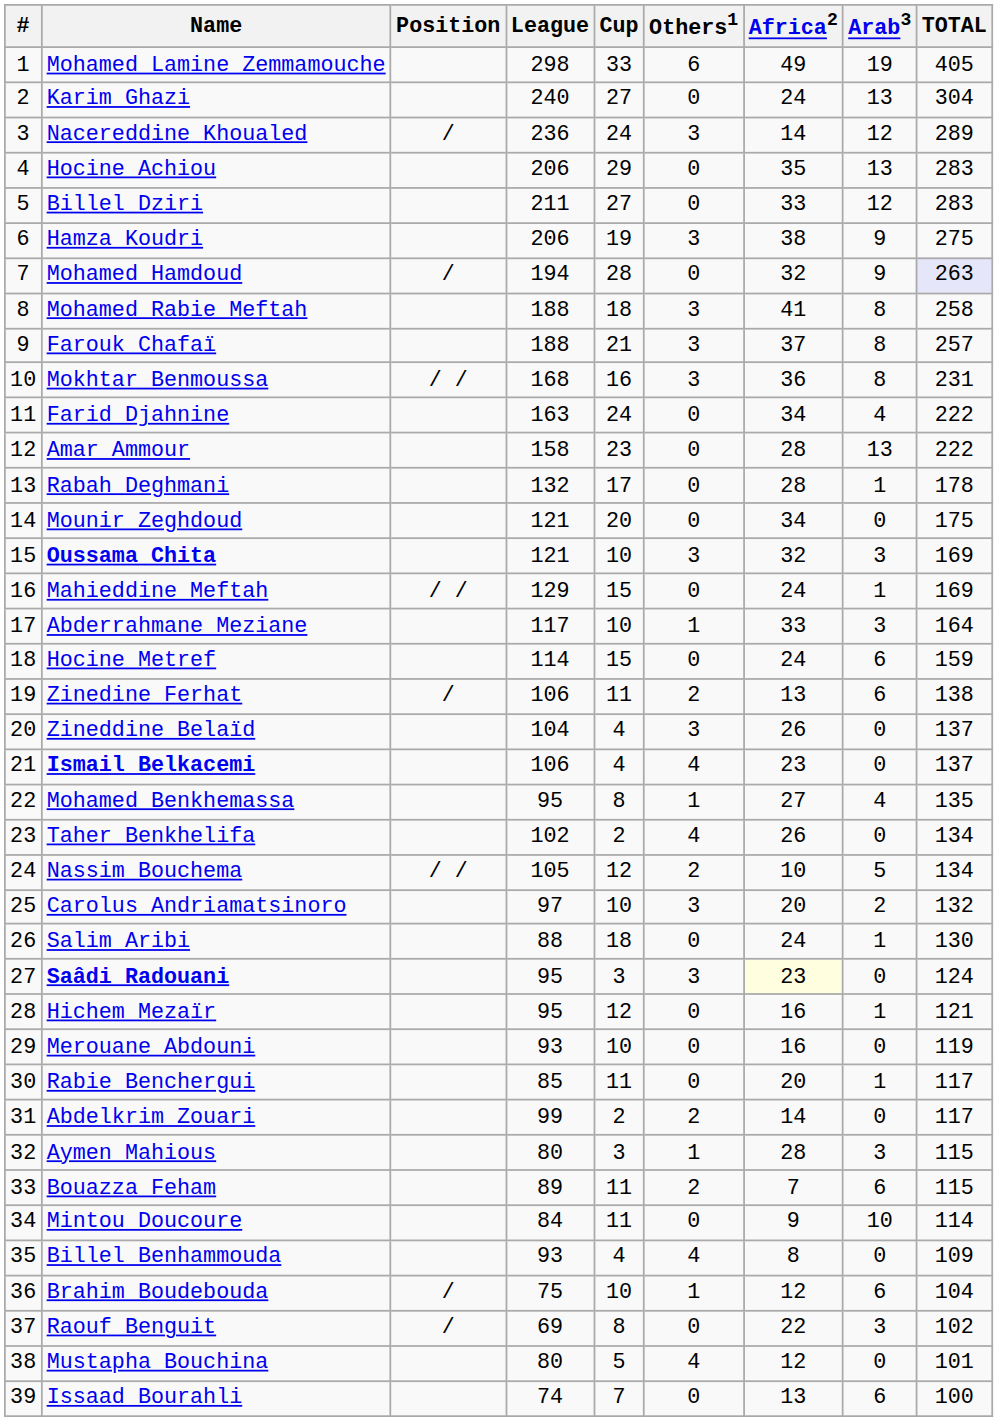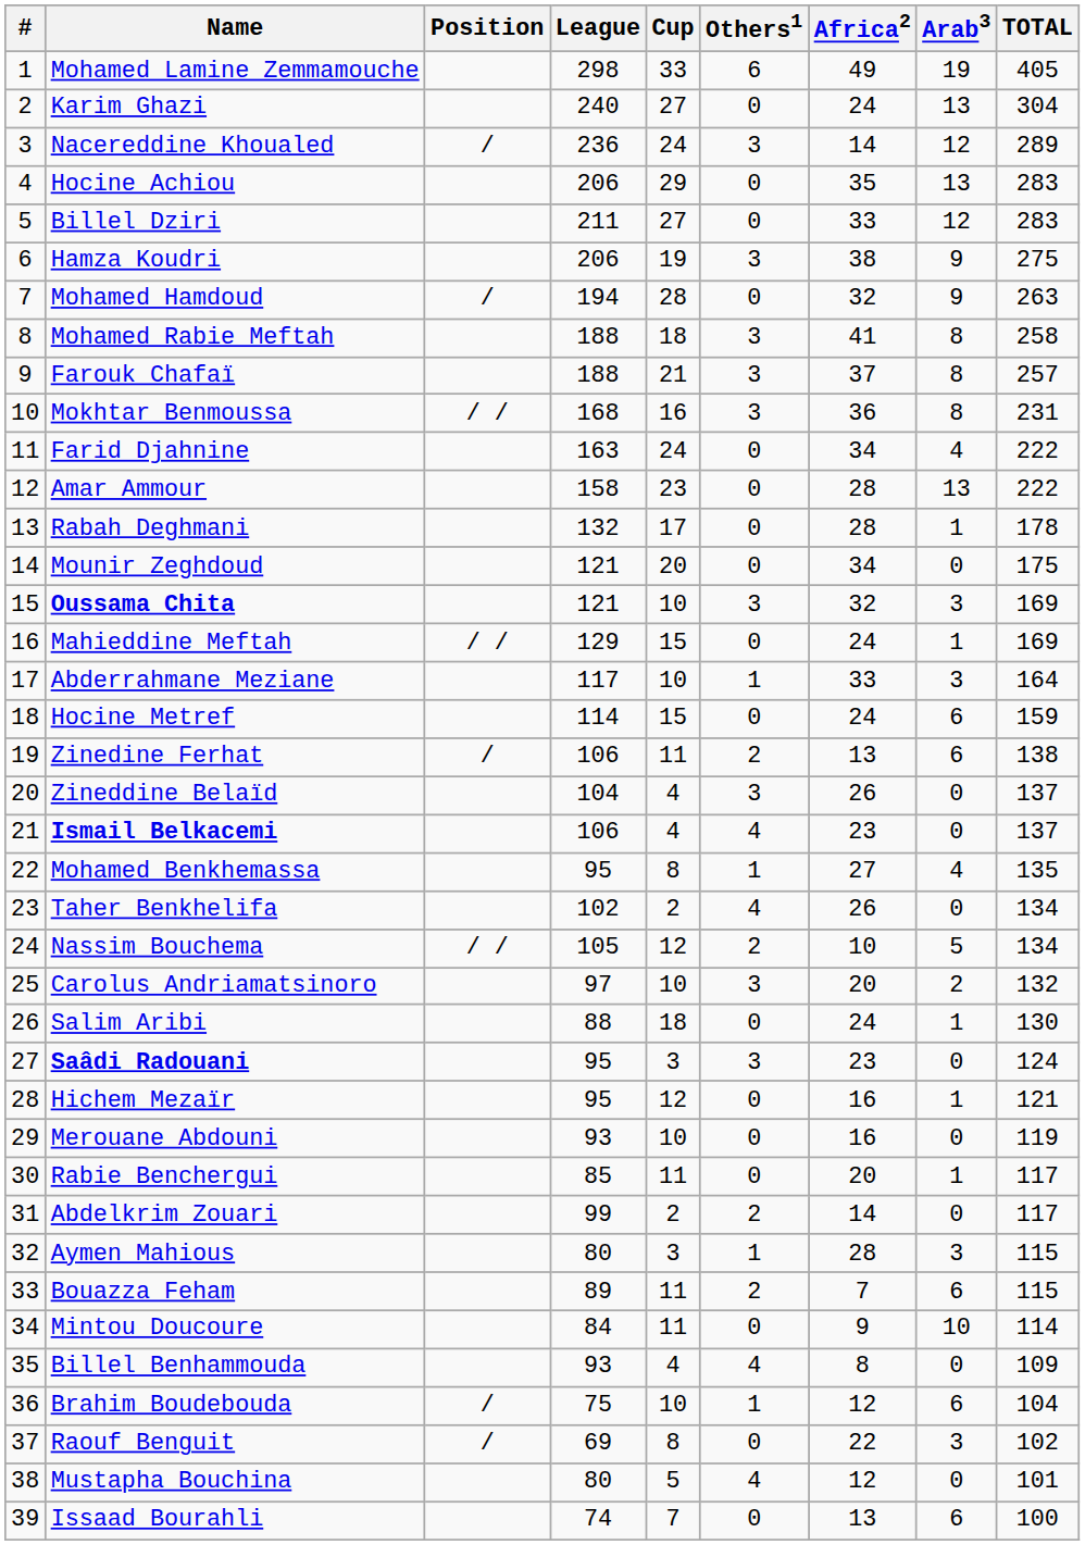 <table class="wikitable plainrowheaders sortable" style="text-align:center;font-size:95%">
 <tr>
 <th>#</th>
 <th>Name</th>
 <th>Position</th>
 <th>League</th>
 <th>Cup</th>
 <th>Others<sup>1</sup><br></th>
 <th><a href='#'>Africa</a><sup>2</sup><br></th>
 <th><a href='#'>Arab</a><sup>3</sup><br></th>
 <th>TOTAL</th>
 </tr>
 <tr>
 <td>1</td>
 <td align="left"> <a href='#'>Mohamed Lamine Zemmamouche</a></td>
 <td></td>
 <td>298</td>
 <td>33</td>
 <td>6</td>
 <td>49</td>
 <td>19</td>
 <td>405</td>
 </tr>
 <tr>
 <td>2</td>
 <td align="left"> <a href='#'>Karim Ghazi</a></td>
 <td></td>
 <td>240</td>
 <td>27</td>
 <td>0</td>
 <td>24</td>
 <td>13</td>
 <td>304</td>
 </tr>
 <tr>
 <td>3</td>
 <td align="left"> <a href='#'>Nacereddine Khoualed</a></td>
 <td> / </td>
 <td>236</td>
 <td>24</td>
 <td>3</td>
 <td>14</td>
 <td>12</td>
 <td>289</td>
 </tr>
 <tr>
 <td>4</td>
 <td align="left"> <a href='#'>Hocine Achiou</a></td>
 <td></td>
 <td>206</td>
 <td>29</td>
 <td>0</td>
 <td>35</td>
 <td>13</td>
 <td>283</td>
 </tr>
 <tr>
 <td>5</td>
 <td align="left"> <a href='#'>Billel Dziri</a></td>
 <td></td>
 <td>211</td>
 <td>27</td>
 <td>0</td>
 <td>33</td>
 <td>12</td>
 <td>283</td>
 </tr>
 <tr>
 <td>6</td>
 <td align="left"> <a href='#'>Hamza Koudri</a></td>
 <td></td>
 <td>206</td>
 <td>19</td>
 <td>3</td>
 <td>38</td>
 <td>9</td>
 <td>275</td>
 </tr>
 <tr>
 <td>7</td>
 <td align="left"> <a href='#'>Mohamed Hamdoud</a></td>
 <td> / </td>
 <td>194</td>
 <td>28</td>
 <td>0</td>
 <td>32</td>
 <td>9</td>
-<td style="background: lavender;">263</td>
+<td>263</td>
 </tr>
 <tr>
 <td>8</td>
 <td align="left"> <a href='#'>Mohamed Rabie Meftah</a></td>
 <td></td>
 <td>188</td>
 <td>18</td>
 <td>3</td>
 <td>41</td>
 <td>8</td>
 <td>258</td>
 </tr>
 <tr>
 <td>9</td>
 <td align="left"> <a href='#'>Farouk Chafaï</a></td>
 <td></td>
 <td>188</td>
 <td>21</td>
 <td>3</td>
 <td>37</td>
 <td>8</td>
 <td>257</td>
 </tr>
 <tr>
 <td>10</td>
 <td align="left"> <a href='#'>Mokhtar Benmoussa</a></td>
 <td> /  / </td>
 <td>168</td>
 <td>16</td>
 <td>3</td>
 <td>36</td>
 <td>8</td>
 <td>231</td>
 </tr>
 <tr>
 <td>11</td>
 <td align="left"> <a href='#'>Farid Djahnine</a></td>
 <td></td>
 <td>163</td>
 <td>24</td>
 <td>0</td>
 <td>34</td>
 <td>4</td>
 <td>222</td>
 </tr>
 <tr>
 <td>12</td>
 <td align="left"> <a href='#'>Amar Ammour</a></td>
 <td></td>
 <td>158</td>
 <td>23</td>
 <td>0</td>
 <td>28</td>
 <td>13</td>
 <td>222</td>
 </tr>
 <tr>
 <td>13</td>
 <td align="left"> <a href='#'>Rabah Deghmani</a></td>
 <td></td>
 <td>132</td>
 <td>17</td>
 <td>0</td>
 <td>28</td>
 <td>1</td>
 <td>178</td>
 </tr>
 <tr>
 <td>14</td>
 <td align="left"> <a href='#'>Mounir Zeghdoud</a></td>
 <td></td>
 <td>121</td>
 <td>20</td>
 <td>0</td>
 <td>34</td>
 <td>0</td>
 <td>175</td>
 </tr>
 <tr>
 <td>15</td>
 <td align="left"> <strong><a href='#'>Oussama Chita</a></strong></td>
 <td></td>
 <td>121</td>
 <td>10</td>
 <td>3</td>
 <td>32</td>
 <td>3</td>
 <td>169</td>
 </tr>
 <tr>
 <td>16</td>
 <td align="left"> <a href='#'>Mahieddine Meftah</a></td>
 <td> /  / </td>
 <td>129</td>
 <td>15</td>
 <td>0</td>
 <td>24</td>
 <td>1</td>
 <td>169</td>
 </tr>
 <tr>
 <td>17</td>
 <td align="left"> <a href='#'>Abderrahmane Meziane</a></td>
 <td></td>
 <td>117</td>
 <td>10</td>
 <td>1</td>
 <td>33</td>
 <td>3</td>
 <td>164</td>
 </tr>
 <tr>
 <td>18</td>
 <td align="left"> <a href='#'>Hocine Metref</a></td>
 <td></td>
 <td>114</td>
 <td>15</td>
 <td>0</td>
 <td>24</td>
 <td>6</td>
 <td>159</td>
 </tr>
 <tr>
 <td>19</td>
 <td align="left"> <a href='#'>Zinedine Ferhat</a></td>
 <td> / </td>
 <td>106</td>
 <td>11</td>
 <td>2</td>
 <td>13</td>
 <td>6</td>
 <td>138</td>
 </tr>
 <tr>
 <td>20</td>
 <td align="left"> <a href='#'>Zineddine Belaïd</a></td>
 <td></td>
 <td>104</td>
 <td>4</td>
 <td>3</td>
 <td>26</td>
 <td>0</td>
 <td>137</td>
 </tr>
 <tr>
 <td>21</td>
 <td align="left"> <strong><a href='#'>Ismail Belkacemi</a></strong></td>
 <td></td>
 <td>106</td>
 <td>4</td>
 <td>4</td>
 <td>23</td>
 <td>0</td>
 <td>137</td>
 </tr>
 <tr>
 <td>22</td>
 <td align="left"> <a href='#'>Mohamed Benkhemassa</a></td>
 <td></td>
 <td>95</td>
 <td>8</td>
 <td>1</td>
 <td>27</td>
 <td>4</td>
 <td>135</td>
 </tr>
 <tr>
 <td>23</td>
 <td align="left"> <a href='#'>Taher Benkhelifa</a></td>
 <td></td>
 <td>102</td>
 <td>2</td>
 <td>4</td>
 <td>26</td>
 <td>0</td>
 <td>134</td>
 </tr>
 <tr>
 <td>24</td>
 <td align="left"> <a href='#'>Nassim Bouchema</a></td>
 <td> /  / </td>
 <td>105</td>
 <td>12</td>
 <td>2</td>
 <td>10</td>
 <td>5</td>
 <td>134</td>
 </tr>
 <tr>
 <td>25</td>
 <td align="left"> <a href='#'>Carolus Andriamatsinoro</a></td>
 <td></td>
 <td>97</td>
 <td>10</td>
 <td>3</td>
 <td>20</td>
 <td>2</td>
 <td>132</td>
 </tr>
 <tr>
 <td>26</td>
 <td align="left"> <a href='#'>Salim Aribi</a></td>
 <td></td>
 <td>88</td>
 <td>18</td>
 <td>0</td>
 <td>24</td>
 <td>1</td>
 <td>130</td>
 </tr>
 <tr>
 <td>27</td>
 <td align="left"> <strong><a href='#'>Saâdi Radouani</a></strong></td>
 <td></td>
 <td>95</td>
 <td>3</td>
 <td>3</td>
-<td style="background: lightyellow;">23</td>
+<td>23</td>
 <td>0</td>
 <td>124</td>
 </tr>
 <tr>
 <td>28</td>
 <td align="left"> <a href='#'>Hichem Mezaïr</a></td>
 <td></td>
 <td>95</td>
 <td>12</td>
 <td>0</td>
 <td>16</td>
 <td>1</td>
 <td>121</td>
 </tr>
 <tr>
 <td>29</td>
 <td align="left"> <a href='#'>Merouane Abdouni</a></td>
 <td></td>
 <td>93</td>
 <td>10</td>
 <td>0</td>
 <td>16</td>
 <td>0</td>
 <td>119</td>
 </tr>
 <tr>
 <td>30</td>
 <td align="left"> <a href='#'>Rabie Benchergui</a></td>
 <td></td>
 <td>85</td>
 <td>11</td>
 <td>0</td>
 <td>20</td>
 <td>1</td>
 <td>117</td>
 </tr>
 <tr>
 <td>31</td>
 <td align="left"> <a href='#'>Abdelkrim Zouari</a></td>
 <td></td>
 <td>99</td>
 <td>2</td>
 <td>2</td>
 <td>14</td>
 <td>0</td>
 <td>117</td>
 </tr>
 <tr>
 <td>32</td>
 <td align="left"> <a href='#'>Aymen Mahious</a></td>
 <td></td>
 <td>80</td>
 <td>3</td>
 <td>1</td>
 <td>28</td>
 <td>3</td>
 <td>115</td>
 </tr>
 <tr>
 <td>33</td>
 <td align="left"> <a href='#'>Bouazza Feham</a></td>
 <td></td>
 <td>89</td>
 <td>11</td>
 <td>2</td>
 <td>7</td>
 <td>6</td>
 <td>115</td>
 </tr>
 <tr>
 <td>34</td>
 <td align="left"> <a href='#'>Mintou Doucoure</a></td>
 <td></td>
 <td>84</td>
 <td>11</td>
 <td>0</td>
 <td>9</td>
 <td>10</td>
 <td>114</td>
 </tr>
 <tr>
 <td>35</td>
 <td align="left"> <a href='#'>Billel Benhammouda</a></td>
 <td></td>
 <td>93</td>
 <td>4</td>
 <td>4</td>
 <td>8</td>
 <td>0</td>
 <td>109</td>
 </tr>
 <tr>
 <td>36</td>
 <td align="left"> <a href='#'>Brahim Boudebouda</a></td>
 <td> / </td>
 <td>75</td>
 <td>10</td>
 <td>1</td>
 <td>12</td>
 <td>6</td>
 <td>104</td>
 </tr>
 <tr>
 <td>37</td>
 <td align="left"> <a href='#'>Raouf Benguit</a></td>
 <td> / </td>
 <td>69</td>
 <td>8</td>
 <td>0</td>
 <td>22</td>
 <td>3</td>
 <td>102</td>
 </tr>
 <tr>
 <td>38</td>
 <td align="left"> <a href='#'>Mustapha Bouchina</a></td>
 <td></td>
 <td>80</td>
 <td>5</td>
 <td>4</td>
 <td>12</td>
 <td>0</td>
 <td>101</td>
 </tr>
 <tr>
 <td>39</td>
 <td align="left"> <a href='#'>Issaad Bourahli</a></td>
 <td></td>
 <td>74</td>
 <td>7</td>
 <td>0</td>
 <td>13</td>
 <td>6</td>
 <td>100</td>
 </tr>
 <tr>
 </tr>
 </table>
